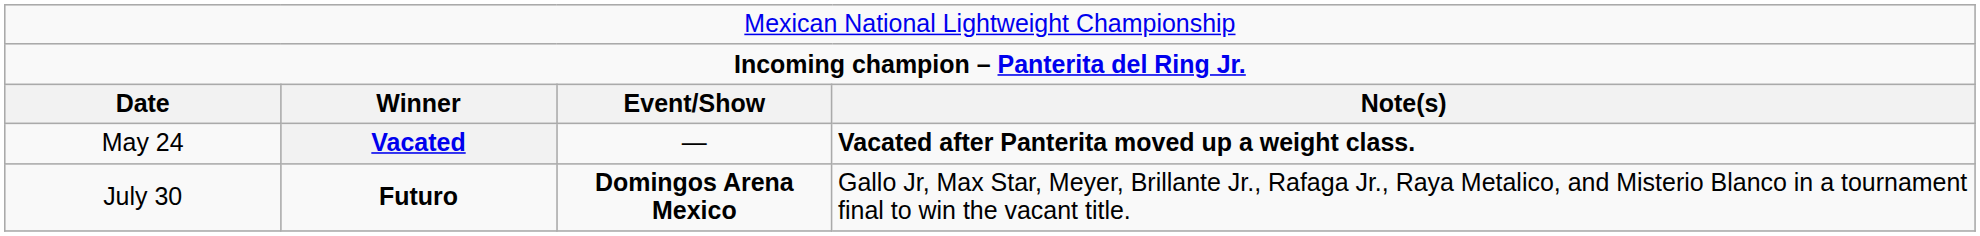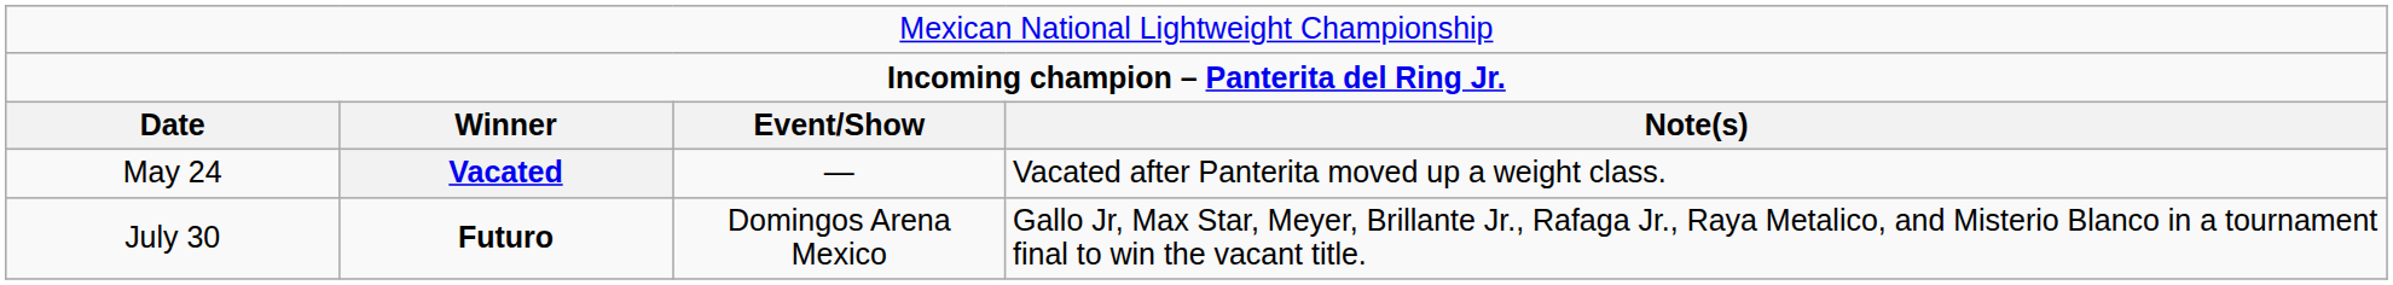 <table class="wikitable" style="text-align:center; width:100%;">
 <tr>
 <td colspan="5" style="text-align: center;"><a href='#'>Mexican National Lightweight Championship</a></td>
 </tr>
 <tr>
 <td colspan="5" style="text-align: center;"><strong>Incoming champion – <a href='#'>Panterita del Ring Jr.</a></strong></td>
 </tr>
 <tr>
 <th width=14%>Date</th>
 <th width=14%>Winner</th>
 <th width=14%>Event/Show</th>
 <th width=58%>Note(s)</th>
 </tr>
 <tr>
 <td>May 24</td>
 <th><a href='#'>Vacated</a></th>
 <td>—</td>
-<td align=left><strong>Vacated after Panterita moved up a weight class.</strong></td>
+<td align=left>Vacated after Panterita moved up a weight class.</td>
 </tr>
 <tr>
 <td>July 30</td>
 <td><strong>Futuro</strong></td>
-<td><strong>Domingos Arena Mexico</strong></td>
+<td>Domingos Arena Mexico</td>
 <td align=left>Gallo Jr, Max Star, Meyer, Brillante Jr., Rafaga Jr., Raya Metalico, and Misterio Blanco in a tournament final to win the vacant title.</td>
 </tr>
 </table>
